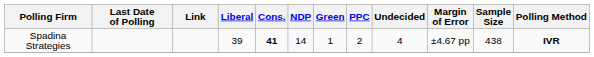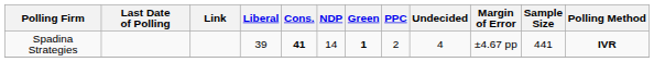 <table class="wikitable sortable" style="text-align:center;font-size:90%;line-height:14px;">
 <tr style="background:#e9e9e9;">
 <th style="width:120px">Polling Firm</th>
 <th style="width:110px">Last Date<br>of Polling</th>
 <th style="width:60px" class="unsortable">Link</th>
 <th style="background-color:"><a href='#'>Liberal</a></th>
 <th style="background-color:"><a href='#'>Cons.</a></th>
 <th style="background-color:"><a href='#'>NDP</a></th>
 <th style="background-color:"><a href='#'>Green</a></th>
 <th style="background-color:"><a href='#'><span>PPC</span></a></th>
 <th style="background-color:">Undecided</th>
 <th style="width:60px;" class=unsortable>Margin<br>of Error</th>
 <th style="width:50px;" class=unsortable>Sample<br>Size</th>
 <th class=unsortable>Polling Method</th>
 </tr>
 <tr>
 <td>Spadina Strategies</td>
 <td></td>
 <td></td>
 <td>39</td>
 <td><strong>41</strong></td>
 <td>14</td>
-<td>1</td>
+<td><strong>1</strong></td>
 <td>2</td>
 <td>4</td>
 <td>±4.67 pp</td>
-<td>438</td>
+<td>441</td>
 <td><strong>IVR</strong></td>
 </tr>
 <tr>
 </tr>
 </table>
